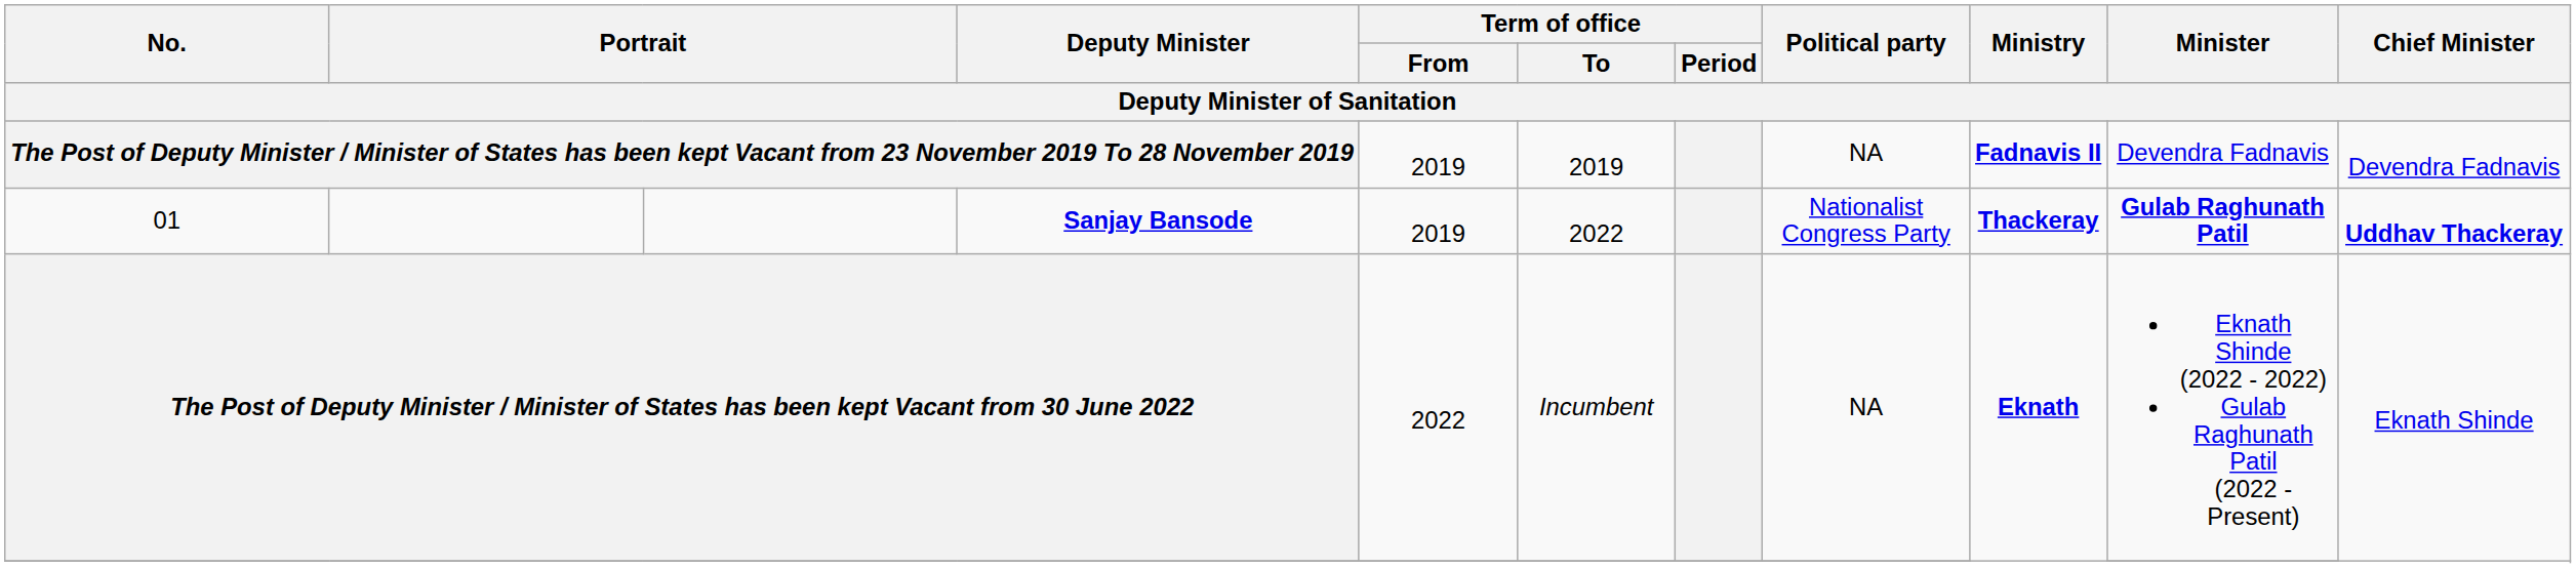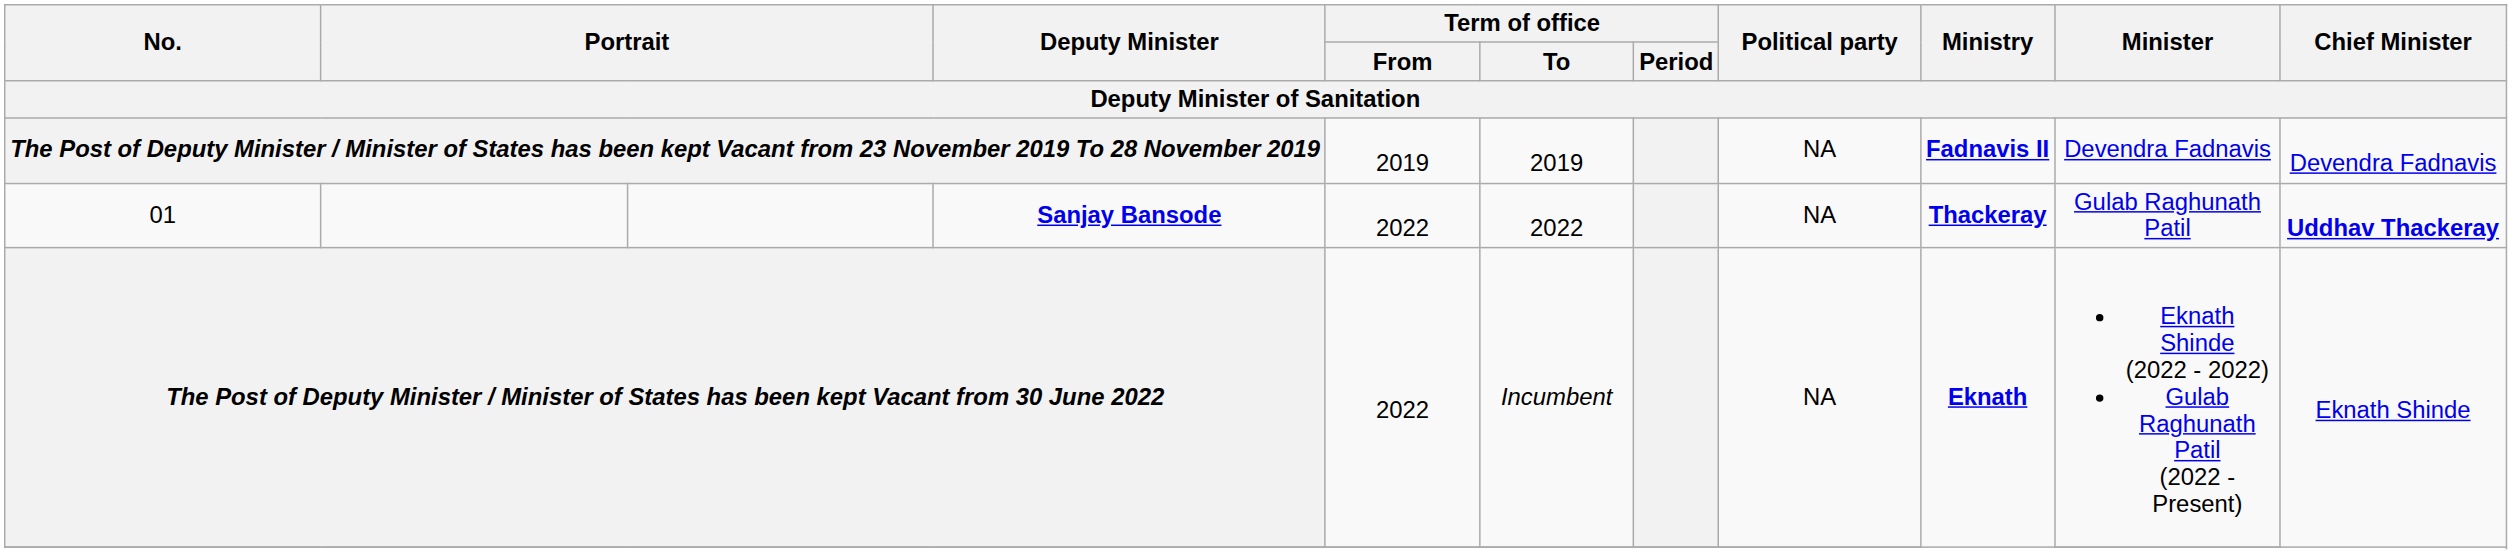 <table class="wikitable" style="text-align:center">
 <tr>
 <th rowspan="2">No.</th>
 <th rowspan="2" colspan="2">Portrait</th>
 <th rowspan="2" style="width:16em">Deputy Minister<br></th>
 <th colspan="3">Term of office</th>
 <th rowspan="2" style="width:8em">Political party</th>
 <th rowspan="2">Ministry</th>
 <th rowspan="2" style="width:9em">Minister</th>
 <th rowspan="2" style="width:9em">Chief Minister</th>
 </tr>
 <tr>
 <th style="width:6em">From</th>
 <th style="width:6em">To</th>
 <th>Period</th>
 </tr>
 <tr>
 <th colspan="11">Deputy Minister of Sanitation</th>
 </tr>
 <tr>
 <th colspan="04"><strong><em>The Post of Deputy Minister / Minister of States has been kept Vacant from 23 November 2019 To 28 November 2019</em></strong></th>
 <td><br>2019</td>
 <td><br>2019</td>
 <th></th>
 <td>NA</td>
 <td rowspan="1"><a href='#'><strong>Fadnavis II</strong></a></td>
 <td><a href='#'>Devendra Fadnavis</a></td>
 <td rowspan="1"> <br><a href='#'>Devendra Fadnavis</a></td>
 </tr>
 <tr>
 <td>01</td>
 <td style="color:inherit;background:"></td>
 <td></td>
 <td><strong><a href='#'>Sanjay Bansode</a></strong> <br> </td>
-<td><br>2019</td>
+<td><br>2022</td>
 <td><br>2022</td>
 <th></th>
-<td><a href='#'>Nationalist Congress Party</a></td>
+<td>NA</td>
 <td rowspan="1"><a href='#'><strong>Thackeray</strong></a></td>
-<td><strong><a href='#'>Gulab Raghunath Patil</a></strong></td>
+<td><a href='#'>Gulab Raghunath Patil</a></td>
 <td rowspan="1"><strong> <br><a href='#'>Uddhav Thackeray</a></strong></td>
 </tr>
 <tr>
 <th colspan="04"><strong><em>The Post of Deputy Minister / Minister of States has been kept Vacant from 30 June 2022</em></strong></th>
 <td><br>2022</td>
 <td><em>Incumbent</em></td>
 <th></th>
 <td>NA</td>
 <td rowspan="2"><a href='#'><strong>Eknath</strong></a></td>
 <td><br><ul><li><a href='#'>Eknath Shinde</a><br>(2022 - 2022)</li><li><a href='#'>Gulab Raghunath Patil</a><br> (2022 - Present)</li></ul></td>
 <td rowspan="2"> <br><a href='#'>Eknath Shinde</a></td>
 </tr>
 <tr>
 </tr>
 </table>
